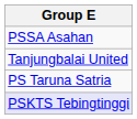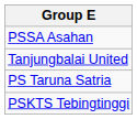 <table class="wikitable">
 <tr>
 <th><strong>Group E</strong></th>
 </tr>
 <tr>
 <td><a href='#'>PSSA Asahan</a></td>
 </tr>
 <tr>
 <td><a href='#'>Tanjungbalai United</a></td>
 </tr>
 <tr>
 <td><a href='#'>PS Taruna Satria</a></td>
 </tr>
 <tr>
-<td style="background: lavender;"><a href='#'>PSKTS Tebingtinggi</a></td>
+<td><a href='#'>PSKTS Tebingtinggi</a></td>
 </tr>
 </table>
